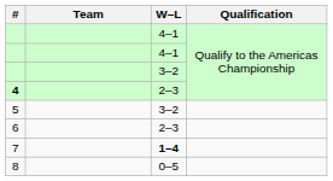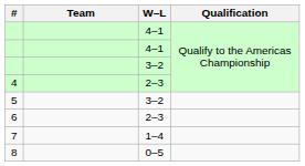 <table class=wikitable style="text-align:center;">
 <tr>
 <th width=20px>#</th>
 <th width=160px>Team</th>
 <th width=40px>W–L</th>
 <th width=180px>Qualification</th>
 </tr>
 <tr bgcolor=#CCFFCC>
 <td></td>
 <td align=left></td>
 <td>4–1</td>
 <td rowspan=4>Qualify to the Americas Championship</td>
 </tr>
 <tr bgcolor=#CCFFCC>
 <td></td>
 <td align=left></td>
 <td>4–1</td>
 </tr>
 <tr bgcolor=#CCFFCC>
 <td></td>
 <td align=left></td>
 <td>3–2</td>
 </tr>
 <tr bgcolor=#CCFFCC>
-<td><strong>4</strong></td>
+<td>4</td>
 <td align=left></td>
 <td>2–3</td>
 </tr>
 <tr>
 <td>5</td>
 <td align=left></td>
 <td>3–2</td>
 <td></td>
 </tr>
 <tr>
 <td>6</td>
 <td align=left></td>
 <td>2–3</td>
 <td></td>
 </tr>
 <tr>
 <td>7</td>
 <td align=left></td>
-<td><strong>1–4</strong></td>
+<td>1–4</td>
 <td></td>
 </tr>
 <tr>
 <td>8</td>
 <td align=left></td>
 <td>0–5</td>
 <td></td>
 </tr>
 </table>
